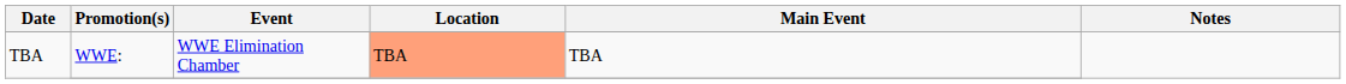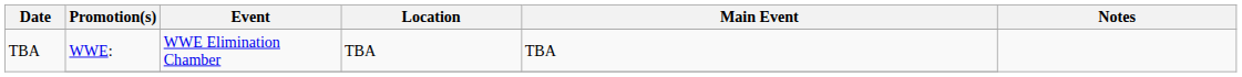 <table class="wikitable" style="width:100%;">
 <tr>
 <th width=5%>Date</th>
 <th width=5%>Promotion(s)</th>
 <th width=15%>Event</th>
 <th width=15%>Location</th>
 <th width=40%>Main Event</th>
 <th width=20%>Notes</th>
 </tr>
 <tr>
 </tr>
 <tr>
 <td rowspan="2">TBA</td>
 <td><a href='#'>WWE</a>:<br></td>
 <td><a href='#'>WWE Elimination Chamber</a></td>
-<td style="background: lightsalmon;">TBA</td>
+<td>TBA</td>
 <td>TBA</td>
 </tr>
 <tr>
 </tr>
 </table>
